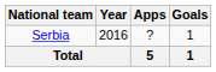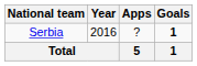 <table class="wikitable" style="text-align:center">
 <tr>
 <th>National team</th>
 <th>Year</th>
 <th>Apps</th>
 <th>Goals</th>
 </tr>
 <tr>
 <td rowspan="1"><a href='#'>Serbia</a></td>
 <td>2016</td>
 <td>?</td>
-<td>1</td>
+<td><strong>1</strong></td>
 </tr>
 <tr>
 <th colspan="2">Total</th>
 <th>5</th>
 <th>1</th>
 </tr>
 </table>
